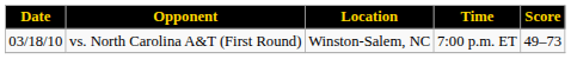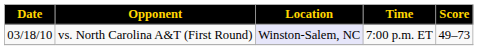 <table class="wikitable" style="text-align:center">
 <tr>
 <th style=" background:black;color:gold;">Date</th>
 <th style=" background:black;color:gold;">Opponent</th>
 <th style=" background:black;color:gold;">Location</th>
 <th style=" background:black;color:gold;">Time</th>
 <th style=" background:black;color:gold;">Score</th>
 </tr>
 <tr>
 <td>03/18/10</td>
 <td>vs. North Carolina A&T (First Round)</td>
-<td>Winston-Salem, NC</td>
+<td style="background: lavender;">Winston-Salem, NC</td>
 <td>7:00 p.m. ET</td>
 <td>49–73</td>
 </tr>
 <tr>
 </tr>
 </table>
